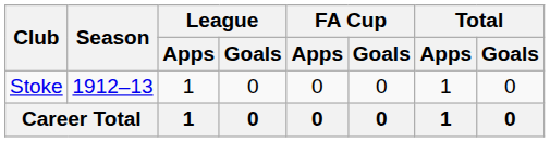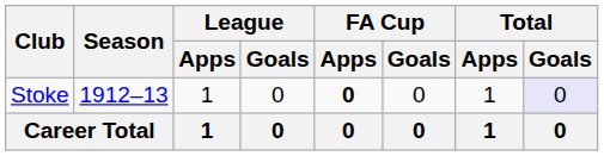 <table class="wikitable" style="text-align: center;">
 <tr>
 <th rowspan="2">Club</th>
 <th rowspan="2">Season</th>
 <th colspan="2">League</th>
 <th colspan="2">FA Cup</th>
 <th colspan="2">Total</th>
 </tr>
 <tr>
 <th>Apps</th>
 <th>Goals</th>
 <th>Apps</th>
 <th>Goals</th>
 <th>Apps</th>
 <th>Goals</th>
 </tr>
 <tr>
 <td><a href='#'>Stoke</a></td>
 <td><a href='#'>1912–13</a></td>
 <td>1</td>
 <td>0</td>
-<td>0</td>
+<td><strong>0</strong></td>
 <td>0</td>
 <td>1</td>
-<td>0</td>
+<td style="background: lavender;">0</td>
 </tr>
 <tr>
 <th colspan="2">Career Total</th>
 <th>1</th>
 <th>0</th>
 <th>0</th>
 <th>0</th>
 <th>1</th>
 <th>0</th>
 </tr>
 </table>
